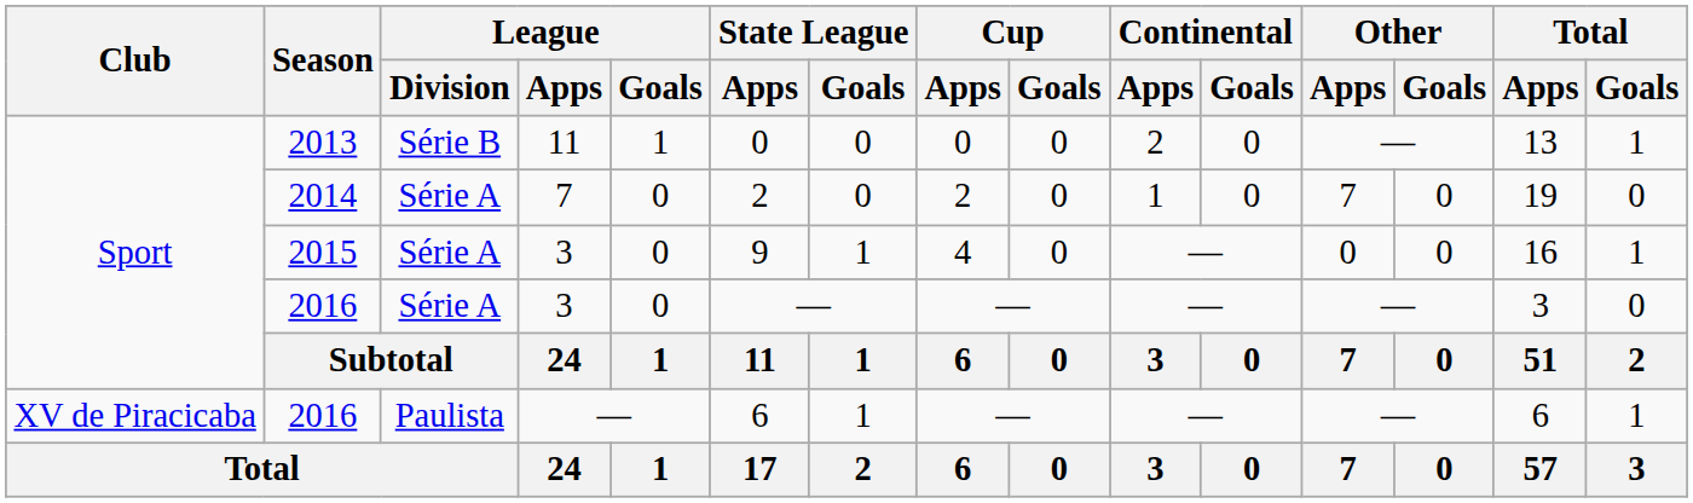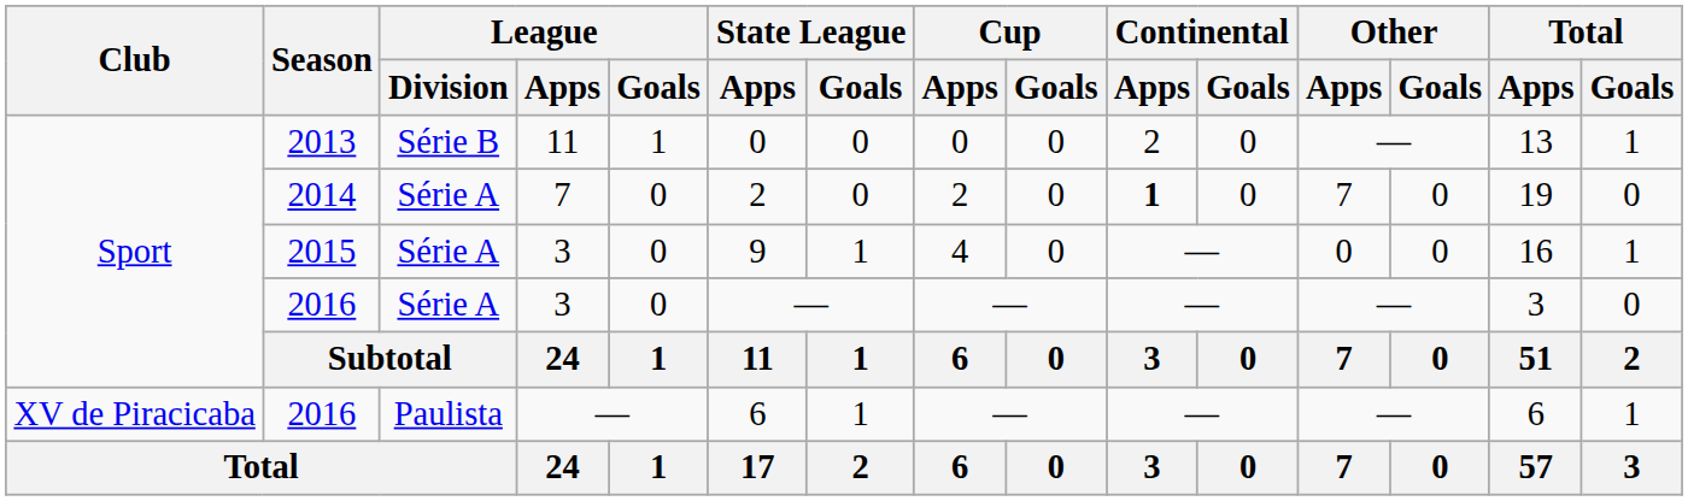 <table class="wikitable" style="text-align: center;">
 <tr>
 <th rowspan="2">Club</th>
 <th rowspan="2">Season</th>
 <th colspan="3">League</th>
 <th colspan="2">State League</th>
 <th colspan="2">Cup</th>
 <th colspan="2">Continental</th>
 <th colspan="2">Other</th>
 <th colspan="2">Total</th>
 </tr>
 <tr>
 <th>Division</th>
 <th>Apps</th>
 <th>Goals</th>
 <th>Apps</th>
 <th>Goals</th>
 <th>Apps</th>
 <th>Goals</th>
 <th>Apps</th>
 <th>Goals</th>
 <th>Apps</th>
 <th>Goals</th>
 <th>Apps</th>
 <th>Goals</th>
 </tr>
 <tr>
 <td rowspan=5 valign="center"><a href='#'>Sport</a></td>
 <td><a href='#'>2013</a></td>
 <td><a href='#'>Série B</a></td>
 <td>11</td>
 <td>1</td>
 <td>0</td>
 <td>0</td>
 <td>0</td>
 <td>0</td>
 <td>2</td>
 <td>0</td>
 <td colspan="2">—</td>
 <td>13</td>
 <td>1</td>
 </tr>
 <tr>
 <td><a href='#'>2014</a></td>
 <td><a href='#'>Série A</a></td>
 <td>7</td>
 <td>0</td>
 <td>2</td>
 <td>0</td>
 <td>2</td>
 <td>0</td>
-<td>1</td>
+<td><strong>1</strong></td>
 <td>0</td>
 <td>7</td>
 <td>0</td>
 <td>19</td>
 <td>0</td>
 </tr>
 <tr>
 <td><a href='#'>2015</a></td>
 <td><a href='#'>Série A</a></td>
 <td>3</td>
 <td>0</td>
 <td>9</td>
 <td>1</td>
 <td>4</td>
 <td>0</td>
 <td colspan="2">—</td>
 <td>0</td>
 <td>0</td>
 <td>16</td>
 <td>1</td>
 </tr>
 <tr>
 <td><a href='#'>2016</a></td>
 <td><a href='#'>Série A</a></td>
 <td>3</td>
 <td>0</td>
 <td colspan="2">—</td>
 <td colspan="2">—</td>
 <td colspan="2">—</td>
 <td colspan="2">—</td>
 <td>3</td>
 <td>0</td>
 </tr>
 <tr>
 <th colspan="2"><strong>Subtotal</strong></th>
 <th>24</th>
 <th>1</th>
 <th>11</th>
 <th>1</th>
 <th>6</th>
 <th>0</th>
 <th>3</th>
 <th>0</th>
 <th>7</th>
 <th>0</th>
 <th>51</th>
 <th>2</th>
 </tr>
 <tr>
 <td valign="center"><a href='#'>XV de Piracicaba</a></td>
 <td><a href='#'>2016</a></td>
 <td><a href='#'>Paulista</a></td>
 <td colspan="2">—</td>
 <td>6</td>
 <td>1</td>
 <td colspan="2">—</td>
 <td colspan="2">—</td>
 <td colspan="2">—</td>
 <td>6</td>
 <td>1</td>
 </tr>
 <tr>
 <th colspan="3"><strong>Total</strong></th>
 <th>24</th>
 <th>1</th>
 <th>17</th>
 <th>2</th>
 <th>6</th>
 <th>0</th>
 <th>3</th>
 <th>0</th>
 <th>7</th>
 <th>0</th>
 <th>57</th>
 <th>3</th>
 </tr>
 </table>
